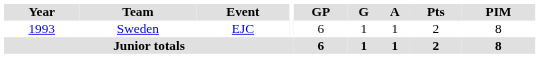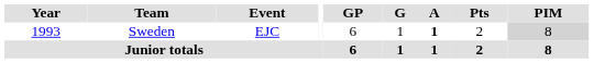 <table border="0" cellpadding="1" cellspacing="0" ID="Table3" style="text-align:center; width:40em">
 <tr bgcolor="#e0e0e0">
 <th>Year</th>
 <th>Team</th>
 <th>Event</th>
 <th rowspan="102" bgcolor="#ffffff"></th>
 <th>GP</th>
 <th>G</th>
 <th>A</th>
 <th>Pts</th>
 <th>PIM</th>
 </tr>
 <tr>
 <td><a href='#'>1993</a></td>
 <td><a href='#'>Sweden</a></td>
 <td><a href='#'>EJC</a></td>
 <td>6</td>
 <td>1</td>
-<td>1</td>
+<td><strong>1</strong></td>
 <td>2</td>
-<td>8</td>
+<td style="background: lightgrey;">8</td>
 </tr>
 <tr bgcolor="#e0e0e0">
 <th colspan="4">Junior totals</th>
 <th>6</th>
 <th>1</th>
 <th>1</th>
 <th>2</th>
 <th>8</th>
 </tr>
 </table>
